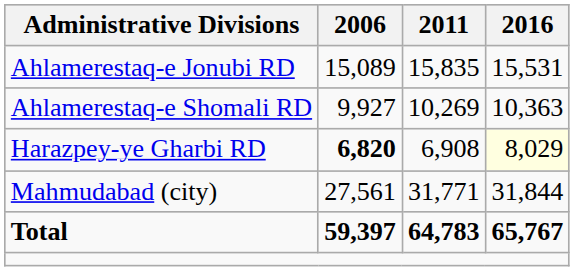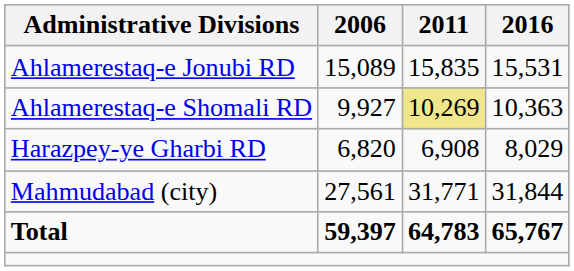 <table class="wikitable">
 <tr>
 <th>Administrative Divisions</th>
 <th>2006</th>
 <th>2011</th>
 <th>2016</th>
 </tr>
 <tr>
 <td><a href='#'>Ahlamerestaq-e Jonubi RD</a></td>
 <td style="text-align: right;">15,089</td>
 <td style="text-align: right;">15,835</td>
 <td style="text-align: right;">15,531</td>
 </tr>
 <tr>
 <td><a href='#'>Ahlamerestaq-e Shomali RD</a></td>
 <td style="text-align: right;">9,927</td>
-<td style="text-align: right;">10,269</td>
+<td style="background: khaki; text-align: right;">10,269</td>
 <td style="text-align: right;">10,363</td>
 </tr>
 <tr>
 <td><a href='#'>Harazpey-ye Gharbi RD</a></td>
-<td style="text-align: right;"><strong>6,820</strong></td>
+<td style="text-align: right;">6,820</td>
 <td style="text-align: right;">6,908</td>
-<td style="background: lightyellow; text-align: right;">8,029</td>
+<td style="text-align: right;">8,029</td>
 </tr>
 <tr>
 <td><a href='#'>Mahmudabad</a> (city)</td>
 <td style="text-align: right;">27,561</td>
 <td style="text-align: right;">31,771</td>
 <td style="text-align: right;">31,844</td>
 </tr>
 <tr>
 <td><strong>Total</strong></td>
 <td style="text-align: right;"><strong>59,397</strong></td>
 <td style="text-align: right;"><strong>64,783</strong></td>
 <td style="text-align: right;"><strong>65,767</strong></td>
 </tr>
 <tr>
 <td colspan=4></td>
 </tr>
 </table>
